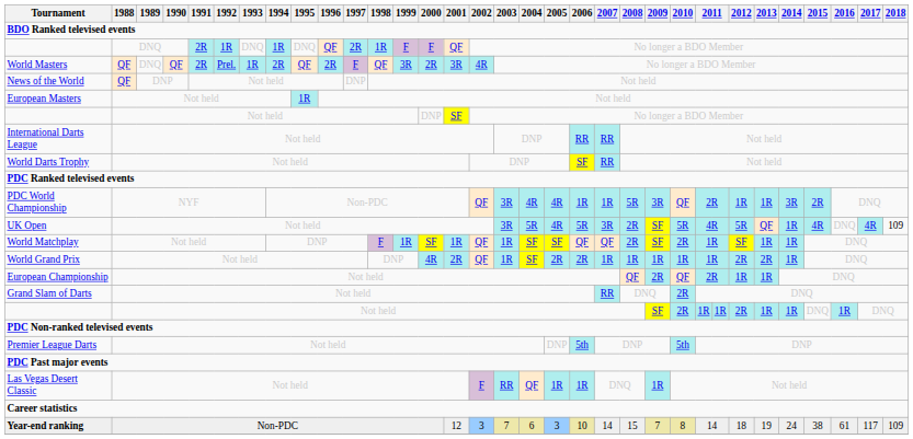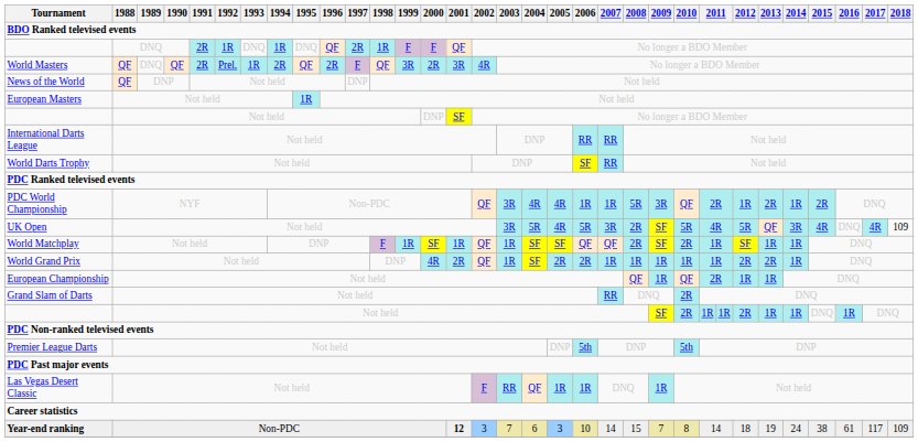 <table class=wikitable style=text-align:center;font-size:88%>
 <tr>
 <th>Tournament</th>
 <th>1988</th>
 <th>1989</th>
 <th>1990</th>
 <th>1991</th>
 <th>1992</th>
 <th>1993</th>
 <th>1994</th>
 <th>1995</th>
 <th>1996</th>
 <th>1997</th>
 <th>1998</th>
 <th>1999</th>
 <th>2000</th>
 <th>2001</th>
 <th>2002</th>
 <th>2003</th>
 <th>2004</th>
 <th>2005</th>
 <th>2006</th>
 <th><a href='#'>2007</a></th>
 <th><a href='#'>2008</a></th>
 <th><a href='#'>2009</a></th>
 <th><a href='#'>2010</a></th>
 <th colspan="2"><a href='#'>2011</a></th>
 <th><a href='#'>2012</a></th>
 <th><a href='#'>2013</a></th>
 <th><a href='#'>2014</a></th>
 <th><a href='#'>2015</a></th>
 <th><a href='#'>2016</a></th>
 <th><a href='#'>2017</a></th>
 <th><a href='#'>2018</a></th>
 </tr>
 <tr>
 <td colspan="33" align="left"><strong><a href='#'>BDO</a> Ranked televised events</strong></td>
 </tr>
 <tr>
 <td align=left></td>
 <td colspan="3" style="text-align:center; color:#ccc;">DNQ</td>
 <td style="text-align:center; background:#afeeee;"><a href='#'>2R</a></td>
 <td style="text-align:center; background:#afeeee;"><a href='#'>1R</a></td>
 <td style="text-align:center; color:#ccc;">DNQ</td>
 <td style="text-align:center; background:#afeeee;"><a href='#'>1R</a></td>
 <td style="text-align:center; color:#ccc;">DNQ</td>
 <td style="text-align:center; background:#ffebcd;"><a href='#'>QF</a></td>
 <td style="text-align:center; background:#afeeee;"><a href='#'>2R</a></td>
 <td style="text-align:center; background:#afeeee;"><a href='#'>1R</a></td>
 <td style="text-align:center; background:thistle;"><a href='#'>F</a></td>
 <td style="text-align:center; background:thistle;"><a href='#'>F</a></td>
 <td style="text-align:center; background:#ffebcd;"><a href='#'>QF</a></td>
 <td colspan="18" style="text-align:center; color:#ccc;">No longer a BDO Member</td>
 </tr>
 <tr>
 <td align=left><a href='#'>World Masters</a></td>
 <td style="text-align:center; background:#ffebcd;"><a href='#'>QF</a></td>
 <td style="text-align:center; color:#ccc;">DNQ</td>
 <td style="text-align:center; background:#ffebcd;"><a href='#'>QF</a></td>
 <td style="text-align:center; background:#afeeee;"><a href='#'>2R</a></td>
 <td style="text-align:center; background:#afeeee;"><a href='#'>Prel.</a></td>
 <td style="text-align:center; background:#afeeee;"><a href='#'>1R</a></td>
 <td style="text-align:center; background:#afeeee;"><a href='#'>2R</a></td>
 <td style="text-align:center; background:#ffebcd;"><a href='#'>QF</a></td>
 <td style="text-align:center; background:#afeeee;"><a href='#'>2R</a></td>
 <td style="text-align:center; background:thistle;"><a href='#'>F</a></td>
 <td style="text-align:center; background:#ffebcd;"><a href='#'>QF</a></td>
 <td style="text-align:center; background:#afeeee;"><a href='#'>3R</a></td>
 <td style="text-align:center; background:#afeeee;"><a href='#'>2R</a></td>
 <td style="text-align:center; background:#afeeee;"><a href='#'>3R</a></td>
 <td style="text-align:center; background:#afeeee;"><a href='#'>4R</a></td>
 <td colspan="17" style="text-align:center; color:#ccc;">No longer a BDO Member</td>
 </tr>
 <tr>
 <td align=left><a href='#'>News of the World</a></td>
 <td style="text-align:center; background:#ffebcd;"><a href='#'>QF</a></td>
 <td colspan="2" style="text-align:center; color:#ccc;">DNP</td>
 <td colspan="6" style="text-align:center; color:#ccc;">Not held</td>
 <td style="text-align:center; color:#ccc;">DNP</td>
 <td colspan="22" style="text-align:center; color:#ccc;">Not held</td>
 </tr>
 <tr>
 <td align=left><a href='#'>European Masters</a></td>
 <td colspan="7" style="text-align:center; color:#ccc;">Not held</td>
 <td style="text-align:center; background:#afeeee;"><a href='#'>1R</a></td>
 <td colspan="24" style="text-align:center; color:#ccc;">Not held</td>
 </tr>
 <tr>
 <td align=left></td>
 <td colspan="12" style="text-align:center; color:#ccc;">Not held</td>
 <td style="text-align:center; color:#ccc;">DNP</td>
 <td style="text-align:center; background:yellow;"><a href='#'>SF</a></td>
 <td colspan="18" style="text-align:center; color:#ccc;">No longer a BDO Member</td>
 </tr>
 <tr>
 <td align=left><a href='#'>International Darts League</a></td>
 <td colspan="15" style="text-align:center; color:#ccc;">Not held</td>
 <td colspan="3" style="text-align:center; color:#ccc;">DNP</td>
 <td style="text-align:center; background:#afeeee;"><a href='#'>RR</a></td>
 <td style="text-align:center; background:#afeeee;"><a href='#'>RR</a></td>
 <td colspan="12" style="text-align:center; color:#ccc;">Not held</td>
 </tr>
 <tr>
 <td align=left><a href='#'>World Darts Trophy</a></td>
 <td colspan="14" style="text-align:center; color:#ccc;">Not held</td>
 <td colspan="4" style="text-align:center; color:#ccc;">DNP</td>
 <td style="text-align:center; background:yellow;"><a href='#'>SF</a></td>
 <td style="text-align:center; background:#afeeee;"><a href='#'>RR</a></td>
 <td colspan="12" style="text-align:center; color:#ccc;">Not held</td>
 </tr>
 <tr>
 <td colspan="33" align="left"><strong><a href='#'>PDC</a> Ranked televised events</strong></td>
 </tr>
 <tr>
 <td align=left><a href='#'>PDC World Championship</a></td>
 <td colspan="6" style="text-align:center; color:#ccc;">NYF</td>
 <td colspan="8" style="text-align:center; color:#ccc;">Non-PDC</td>
 <td style="text-align:center; background:#ffebcd;"><a href='#'>QF</a></td>
 <td style="text-align:center; background:#afeeee;"><a href='#'>3R</a></td>
 <td style="text-align:center; background:#afeeee;"><a href='#'>4R</a></td>
 <td style="text-align:center; background:#afeeee;"><a href='#'>4R</a></td>
 <td style="text-align:center; background:#afeeee;"><a href='#'>1R</a></td>
 <td style="text-align:center; background:#afeeee;"><a href='#'>1R</a></td>
 <td style="text-align:center; background:#afeeee;"><a href='#'>5R</a></td>
 <td style="text-align:center; background:#afeeee;"><a href='#'>3R</a></td>
 <td style="text-align:center; background:#ffebcd;"><a href='#'>QF</a></td>
 <td colspan="2" style="text-align:center; background:#afeeee;"><a href='#'>2R</a></td>
 <td style="text-align:center; background:#afeeee;"><a href='#'>1R</a></td>
+<td style="text-align:center; background:#afeeee;"><a href='#'>2R</a></td>
 <td style="text-align:center; background:#afeeee;"><a href='#'>1R</a></td>
-<td style="text-align:center; background:#afeeee;"><a href='#'>3R</a></td>
 <td style="text-align:center; background:#afeeee;"><a href='#'>2R</a></td>
 <td colspan="3" style="text-align:center; color:#ccc;">DNQ</td>
 </tr>
 <tr>
 <td align=left><a href='#'>UK Open</a></td>
 <td colspan="15" style="text-align:center; color:#ccc;">Not held</td>
 <td style="text-align:center; background:#afeeee;"><a href='#'>3R</a></td>
 <td style="text-align:center; background:#afeeee;"><a href='#'>5R</a></td>
 <td style="text-align:center; background:#afeeee;"><a href='#'>4R</a></td>
 <td style="text-align:center; background:#afeeee;"><a href='#'>5R</a></td>
 <td style="text-align:center; background:#afeeee;"><a href='#'>3R</a></td>
 <td style="text-align:center; background:#afeeee;"><a href='#'>2R</a></td>
 <td style="text-align:center; background:yellow;"><a href='#'>SF</a></td>
 <td style="text-align:center; background:#afeeee;"><a href='#'>5R</a></td>
 <td colspan="2" style="text-align:center; background:#afeeee;"><a href='#'>4R</a></td>
 <td style="text-align:center; background:#afeeee;"><a href='#'>5R</a></td>
 <td style="text-align:center; background:#ffebcd;"><a href='#'>QF</a></td>
-<td style="text-align:center; background:#afeeee;"><a href='#'>1R</a></td>
+<td style="text-align:center; background:#afeeee;"><a href='#'>3R</a></td>
 <td style="text-align:center; background:#afeeee;"><a href='#'>4R</a></td>
 <td style="text-align:center; color:#ccc;">DNQ</td>
 <td style="text-align:center; background:#afeeee;"><a href='#'>4R</a></td>
 <td style="text-align:center;">109</td>
 </tr>
 <tr>
 <td align=left><a href='#'>World Matchplay</a></td>
 <td colspan="6" style="text-align:center; color:#ccc;">Not held</td>
 <td colspan="4" style="text-align:center; color:#ccc;">DNP</td>
 <td style="text-align:center; background:thistle;"><a href='#'>F</a></td>
 <td style="text-align:center; background:#afeeee;"><a href='#'>1R</a></td>
 <td style="text-align:center; background:yellow;"><a href='#'>SF</a></td>
 <td style="text-align:center; background:#afeeee;"><a href='#'>1R</a></td>
 <td style="text-align:center; background:#ffebcd;"><a href='#'>QF</a></td>
 <td style="text-align:center; background:#afeeee;"><a href='#'>1R</a></td>
 <td style="text-align:center; background:yellow;"><a href='#'>SF</a></td>
 <td style="text-align:center; background:yellow;"><a href='#'>SF</a></td>
 <td style="text-align:center; background:#ffebcd;"><a href='#'>QF</a></td>
 <td style="text-align:center; background:#ffebcd;"><a href='#'>QF</a></td>
 <td style="text-align:center; background:#afeeee;"><a href='#'>2R</a></td>
 <td style="text-align:center; background:yellow;"><a href='#'>SF</a></td>
 <td style="text-align:center; background:#afeeee;"><a href='#'>2R</a></td>
 <td colspan="2" style="text-align:center; background:#afeeee;"><a href='#'>1R</a></td>
 <td style="text-align:center; background:yellow;"><a href='#'>SF</a></td>
 <td style="text-align:center; background:#afeeee;"><a href='#'>1R</a></td>
 <td style="text-align:center; background:#afeeee;"><a href='#'>1R</a></td>
 <td colspan="4" style="text-align:center; color:#ccc;">DNQ</td>
 </tr>
 <tr>
 <td align=left><a href='#'>World Grand Prix</a></td>
 <td colspan="10" style="text-align:center; color:#ccc;">Not held</td>
 <td colspan="2" style="text-align:center; color:#ccc;">DNP</td>
 <td style="text-align:center; background:#afeeee;"><a href='#'>4R</a></td>
 <td style="text-align:center; background:#afeeee;"><a href='#'>2R</a></td>
 <td style="text-align:center; background:#ffebcd;"><a href='#'>QF</a></td>
 <td style="text-align:center; background:#afeeee;"><a href='#'>1R</a></td>
 <td style="text-align:center; background:yellow;"><a href='#'>SF</a></td>
 <td style="text-align:center; background:#afeeee;"><a href='#'>2R</a></td>
 <td style="text-align:center; background:#afeeee;"><a href='#'>2R</a></td>
 <td style="text-align:center; background:#afeeee;"><a href='#'>1R</a></td>
 <td style="text-align:center; background:#afeeee;"><a href='#'>1R</a></td>
 <td style="text-align:center; background:#afeeee;"><a href='#'>1R</a></td>
 <td style="text-align:center; background:#afeeee;"><a href='#'>1R</a></td>
 <td colspan="2" style="text-align:center; background:#afeeee;"><a href='#'>1R</a></td>
 <td style="text-align:center; background:#afeeee;"><a href='#'>2R</a></td>
 <td style="text-align:center; background:#afeeee;"><a href='#'>2R</a></td>
 <td style="text-align:center; background:#afeeee;"><a href='#'>1R</a></td>
 <td colspan="4" style="text-align:center; color:#ccc;">DNQ</td>
 </tr>
 <tr>
 <td align=left><a href='#'>European Championship</a></td>
 <td colspan="20" style="text-align:center; color:#ccc;">Not held</td>
 <td style="text-align:center; background:#ffebcd;"><a href='#'>QF</a></td>
-<td style="text-align:center; background:#afeeee;"><a href='#'>2R</a></td>
+<td style="text-align:center; background:#afeeee;"><a href='#'>1R</a></td>
 <td style="text-align:center; background:#ffebcd;"><a href='#'>QF</a></td>
 <td colspan="2" style="text-align:center; background:#afeeee;"><a href='#'>2R</a></td>
 <td style="text-align:center; background:#afeeee;"><a href='#'>1R</a></td>
 <td style="text-align:center; background:#afeeee;"><a href='#'>1R</a></td>
 <td colspan="5" style="text-align:center; color:#ccc;">DNQ</td>
 </tr>
 <tr>
 <td align=left><a href='#'>Grand Slam of Darts</a></td>
 <td colspan="19" style="text-align:center; color:#ccc;">Not held</td>
 <td style="text-align:center; background:#afeeee;"><a href='#'>RR</a></td>
 <td colspan="2" style="text-align:center; color:#ccc;">DNQ</td>
 <td style="text-align:center; background:#afeeee;"><a href='#'>2R</a></td>
 <td colspan="9" style="text-align:center; color:#ccc;">DNQ</td>
 </tr>
 <tr>
 <td align=left></td>
 <td colspan="21" style="text-align:center; color:#ccc;">Not held</td>
 <td style="text-align:center; background:yellow;"><a href='#'>SF</a></td>
 <td style="text-align:center; background:#afeeee;"><a href='#'>2R</a></td>
 <td style="text-align:center; background:#afeeee;"><a href='#'>1R</a></td>
 <td style="text-align:center; background:#afeeee;"><a href='#'>1R</a></td>
 <td style="text-align:center; background:#afeeee;"><a href='#'>2R</a></td>
 <td style="text-align:center; background:#afeeee;"><a href='#'>1R</a></td>
 <td style="text-align:center; background:#afeeee;"><a href='#'>1R</a></td>
 <td style="text-align:center; color:#ccc;">DNQ</td>
 <td style="text-align:center; background:#afeeee;"><a href='#'>1R</a></td>
 <td colspan="2" style="text-align:center; color:#ccc;">DNQ</td>
 </tr>
 <tr>
 <td colspan="33" align="left"><strong><a href='#'>PDC</a> Non-ranked televised events</strong></td>
 </tr>
 <tr>
 <td align=left><a href='#'>Premier League Darts</a></td>
 <td colspan="17" style="text-align:center; color:#ccc;">Not held</td>
 <td style="text-align:center; color:#ccc;">DNP</td>
 <td style="text-align:center; background:#afeeee;"><a href='#'>5th</a></td>
 <td colspan="3" style="text-align:center; color:#ccc;">DNP</td>
 <td style="text-align:center; background:#afeeee;"><a href='#'>5th</a></td>
 <td colspan="9" style="text-align:center; color:#ccc;">DNP</td>
 </tr>
 <tr>
 <td colspan="33" align="left"><strong><a href='#'>PDC</a> Past major events</strong></td>
 </tr>
 <tr>
 <td align=left><a href='#'>Las Vegas Desert Classic</a></td>
 <td colspan="14" style="text-align:center; color:#ccc;">Not held</td>
 <td style="text-align:center; background:thistle;"><a href='#'>F</a></td>
 <td style="text-align:center; background:#afeeee;"><a href='#'>RR</a></td>
 <td style="text-align:center; background:#ffebcd;"><a href='#'>QF</a></td>
 <td style="text-align:center; background:#afeeee;"><a href='#'>1R</a></td>
 <td style="text-align:center; background:#afeeee;"><a href='#'>1R</a></td>
 <td colspan="2" style="text-align:center; color:#ccc;">DNQ</td>
 <td style="text-align:center; background:#afeeee;"><a href='#'>1R</a></td>
 <td colspan="10" style="text-align:center; color:#ccc;">Not held</td>
 </tr>
 <tr>
 <td colspan="33" align="left"><strong>Career statistics</strong></td>
 </tr>
 <tr bgcolor="efefef">
 <td align="left"><strong>Year-end ranking</strong></td>
 <td colspan="13" style="text-align:center;">Non-PDC</td>
-<td style="text-align:center;">12</td>
+<td style="text-align:center;"><strong>12</strong></td>
 <td style="text-align:center; background:#99ccff;">3</td>
 <td style="text-align:center; background:#eee8aa;">7</td>
 <td style="text-align:center; background:#eee8aa;">6</td>
 <td style="text-align:center; background:#99ccff;">3</td>
 <td style="text-align:center; background:#eee8aa;">10</td>
 <td style="text-align:center;">14</td>
 <td style="text-align:center;">15</td>
 <td style="text-align:center; background:#eee8aa;">7</td>
 <td style="text-align:center; background:#eee8aa;">8</td>
 <td colspan="2" style="text-align:center;">14</td>
 <td style="text-align:center;">18</td>
 <td style="text-align:center;">19</td>
 <td style="text-align:center;">24</td>
 <td style="text-align:center;">38</td>
 <td style="text-align:center;">61</td>
 <td style="text-align:center;">117</td>
 <td style="text-align:center;">109</td>
 </tr>
 <tr>
 </tr>
 </table>
